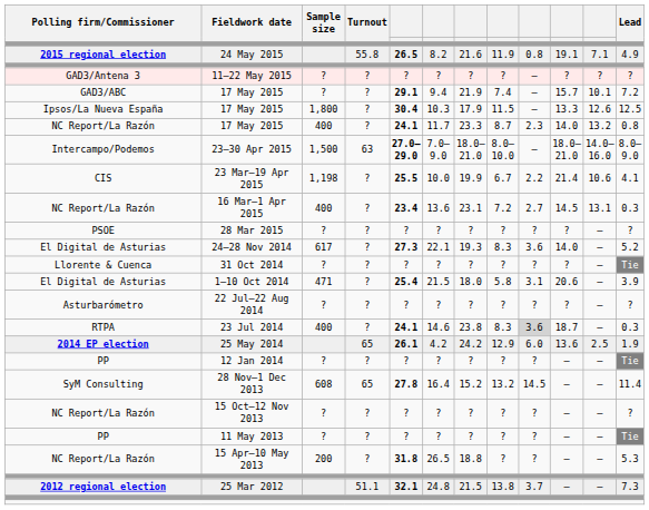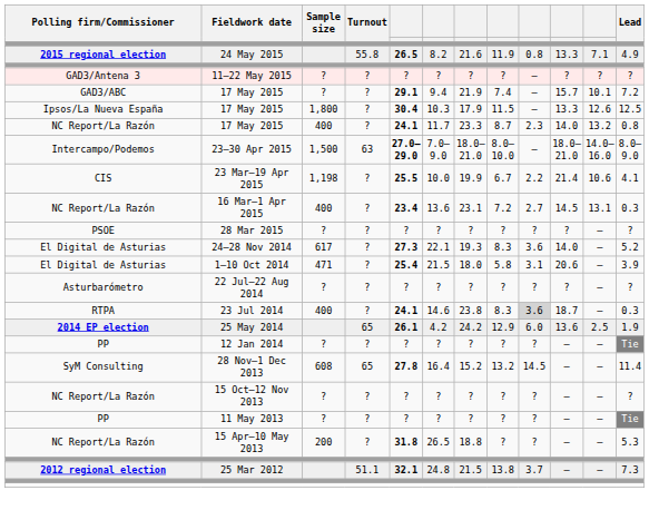 <table class="wikitable collapsible collapsed" style="text-align:center; font-size:95%; line-height:16px;">
 <tr style="height:42px;">
 <th style="width:250px;" rowspan="2">Polling firm/Commissioner</th>
 <th style="width:125px;" rowspan="2">Fieldwork date</th>
 <th style="width:50px;" rowspan="2">Sample size</th>
 <th style="width:45px;" rowspan="2">Turnout</th>
 <th style="width:35px;"></th>
 <th style="width:35px;"></th>
 <th style="width:35px;"></th>
 <th style="width:35px;"></th>
 <th style="width:35px;"></th>
 <th style="width:35px;"></th>
 <th style="width:35px;"></th>
 <th style="width:30px;" rowspan="2">Lead</th>
 </tr>
 <tr>
 <th style="color:inherit;background:"></th>
 <th style="color:inherit;background:"></th>
 <th style="color:inherit;background:"></th>
 <th style="color:inherit;background:"></th>
 <th style="color:inherit;background:"></th>
 <th style="color:inherit;background:"></th>
 <th style="color:inherit;background:"></th>
 </tr>
 <tr>
 <td colspan="12" style="background:#A0A0A0"></td>
 </tr>
 <tr style="background:#EFEFEF;">
 <td><strong><a href='#'>2015 regional election</a></strong></td>
 <td>24 May 2015</td>
 <td></td>
 <td>55.8</td>
 <td><strong>26.5</strong><br></td>
 <td>8.2<br></td>
 <td>21.6<br></td>
 <td>11.9<br></td>
 <td>0.8<br></td>
-<td>19.1<br></td>
+<td>13.3<br></td>
 <td>7.1<br></td>
 <td style="background:">4.9</td>
 </tr>
 <tr>
 <td colspan="12" style="background:#A0A0A0"></td>
 </tr>
 <tr style="background:#FFEAEA;">
 <td>GAD3/Antena 3</td>
 <td>11–22 May 2015</td>
 <td>?</td>
 <td>?</td>
 <td>?<br></td>
 <td>?<br></td>
 <td>?<br></td>
 <td>?<br></td>
 <td>–</td>
 <td>?<br></td>
 <td>?<br></td>
 <td style="background:">?</td>
 </tr>
 <tr>
 <td>GAD3/ABC</td>
 <td>17 May 2015</td>
 <td>?</td>
 <td>?</td>
 <td><strong>29.1</strong><br></td>
 <td>9.4<br></td>
 <td>21.9<br></td>
 <td>7.4<br></td>
 <td>–</td>
 <td>15.7<br></td>
 <td>10.1<br></td>
 <td style="background:">7.2</td>
 </tr>
 <tr>
 <td>Ipsos/La Nueva España</td>
 <td>17 May 2015</td>
 <td>1,800</td>
 <td>?</td>
 <td><strong>30.4</strong><br></td>
 <td>10.3<br></td>
 <td>17.9<br></td>
 <td>11.5<br></td>
 <td>–</td>
 <td>13.3<br></td>
 <td>12.6<br></td>
 <td style="background:">12.5</td>
 </tr>
 <tr>
 <td>NC Report/La Razón</td>
 <td>17 May 2015</td>
 <td>400</td>
 <td>?</td>
 <td><strong>24.1</strong><br></td>
 <td>11.7<br></td>
 <td>23.3<br></td>
 <td>8.7<br></td>
 <td>2.3<br></td>
 <td>14.0<br></td>
 <td>13.2<br></td>
 <td style="background:">0.8</td>
 </tr>
 <tr>
 <td>Intercampo/Podemos</td>
 <td>23–30 Apr 2015</td>
 <td>1,500</td>
 <td>63</td>
 <td><strong>27.0–<br>29.0</strong><br></td>
 <td>7.0–<br>9.0<br></td>
 <td>18.0–<br>21.0<br></td>
 <td>8.0–<br>10.0<br></td>
 <td>–</td>
 <td>18.0–<br>21.0<br></td>
 <td>14.0–<br>16.0<br></td>
 <td style="background:">8.0–<br>9.0</td>
 </tr>
 <tr>
 <td>CIS</td>
 <td>23 Mar–19 Apr 2015</td>
 <td>1,198</td>
 <td>?</td>
 <td><strong>25.5</strong><br></td>
 <td>10.0<br></td>
 <td>19.9<br></td>
 <td>6.7<br></td>
 <td>2.2<br></td>
 <td>21.4<br></td>
 <td>10.6<br></td>
 <td style="background:">4.1</td>
 </tr>
 <tr>
 <td>NC Report/La Razón</td>
 <td>16 Mar–1 Apr 2015</td>
 <td>400</td>
 <td>?</td>
 <td><strong>23.4</strong><br></td>
 <td>13.6<br></td>
 <td>23.1<br></td>
 <td>7.2<br></td>
 <td>2.7<br></td>
 <td>14.5<br></td>
 <td>13.1<br></td>
 <td style="background:">0.3</td>
 </tr>
 <tr>
 <td>PSOE</td>
 <td>28 Mar 2015</td>
 <td>?</td>
 <td>?</td>
 <td>?<br></td>
 <td>?<br></td>
 <td>?<br></td>
 <td>?<br></td>
 <td>?<br></td>
 <td>?<br></td>
 <td>–</td>
 <td style="background:">?</td>
 </tr>
 <tr>
 <td>El Digital de Asturias</td>
 <td>24–28 Nov 2014</td>
 <td>617</td>
 <td>?</td>
 <td><strong>27.3</strong></td>
 <td>22.1</td>
 <td>19.3</td>
 <td>8.3</td>
 <td>3.6</td>
 <td>14.0</td>
 <td>–</td>
 <td style="background:">5.2</td>
-</tr>
-<tr>
-<td>Llorente & Cuenca</td>
-<td>31 Oct 2014</td>
-<td>?</td>
-<td>?</td>
-<td>?<br></td>
-<td>?<br></td>
-<td>?<br></td>
-<td>?<br></td>
-<td>?<br></td>
-<td>?<br></td>
-<td>–</td>
-<td style="background:gray; color:white;">Tie</td>
 </tr>
 <tr>
 <td>El Digital de Asturias</td>
 <td>1–10 Oct 2014</td>
 <td>471</td>
 <td>?</td>
 <td><strong>25.4</strong></td>
 <td>21.5</td>
 <td>18.0</td>
 <td>5.8</td>
 <td>3.1</td>
 <td>20.6</td>
 <td>–</td>
 <td style="background:">3.9</td>
 </tr>
 <tr>
 <td>Asturbarómetro</td>
 <td>22 Jul–22 Aug 2014</td>
 <td>?</td>
 <td>?</td>
 <td>?<br></td>
 <td>?<br></td>
 <td>?<br></td>
 <td>?<br></td>
 <td>?<br></td>
 <td>?<br></td>
 <td>–</td>
 <td style="background:">?</td>
 </tr>
 <tr>
 <td>RTPA</td>
 <td>23 Jul 2014</td>
 <td>400</td>
 <td>?</td>
 <td><strong>24.1</strong></td>
 <td>14.6</td>
 <td>23.8</td>
 <td>8.3</td>
 <td style="background: lightgrey;">3.6</td>
 <td>18.7</td>
 <td>–</td>
 <td style="background:">0.3</td>
 </tr>
 <tr style="background:#EFEFEF;">
 <td><strong><a href='#'>2014 EP election</a></strong></td>
 <td>25 May 2014</td>
 <td></td>
 <td>65</td>
 <td><strong>26.1</strong><br></td>
 <td>4.2<br></td>
 <td>24.2<br></td>
 <td>12.9<br></td>
 <td>6.0<br></td>
 <td>13.6<br></td>
 <td>2.5<br></td>
 <td style="background:">1.9</td>
 </tr>
 <tr>
 <td>PP</td>
 <td>12 Jan 2014</td>
 <td>?</td>
 <td>?</td>
 <td>?<br></td>
 <td>?<br></td>
 <td>?<br></td>
 <td>?<br></td>
 <td>?<br></td>
 <td>–</td>
 <td>–</td>
 <td style="background:gray; color:white;">Tie</td>
 </tr>
 <tr>
 <td>SyM Consulting</td>
 <td>28 Nov–1 Dec 2013</td>
 <td>608</td>
 <td>65</td>
 <td><strong>27.8</strong><br></td>
 <td>16.4<br></td>
 <td>15.2<br></td>
 <td>13.2<br></td>
 <td>14.5<br></td>
 <td>–</td>
 <td>–</td>
 <td style="background:">11.4</td>
 </tr>
 <tr>
 <td>NC Report/La Razón</td>
 <td>15 Oct–12 Nov 2013</td>
 <td>?</td>
 <td>?</td>
 <td>?<br></td>
 <td>?<br></td>
 <td>?<br></td>
 <td>?<br></td>
 <td>?<br></td>
 <td>–</td>
 <td>–</td>
 <td style="background:">?</td>
 </tr>
 <tr>
 <td>PP</td>
 <td>11 May 2013</td>
 <td>?</td>
 <td>?</td>
 <td>?<br></td>
 <td>?<br></td>
 <td>?<br></td>
 <td>?<br></td>
 <td>?<br></td>
 <td>–</td>
 <td>–</td>
 <td style="background:gray; color:white;">Tie</td>
 </tr>
 <tr>
 <td>NC Report/La Razón</td>
 <td>15 Apr–10 May 2013</td>
 <td>200</td>
 <td>?</td>
 <td><strong>31.8</strong><br></td>
 <td>26.5<br></td>
 <td>18.8<br></td>
 <td>?<br></td>
 <td>?<br></td>
 <td>–</td>
 <td>–</td>
 <td style="background:">5.3</td>
 </tr>
 <tr>
 <td colspan="12" style="background:#A0A0A0"></td>
 </tr>
 <tr style="background:#EFEFEF;">
 <td><strong><a href='#'>2012 regional election</a></strong></td>
 <td>25 Mar 2012</td>
 <td></td>
 <td>51.1</td>
 <td><strong>32.1</strong><br></td>
 <td>24.8<br></td>
 <td>21.5<br></td>
 <td>13.8<br></td>
 <td>3.7<br></td>
 <td>–</td>
 <td>–</td>
 <td style="background:">7.3</td>
 </tr>
 <tr>
 <td colspan="12" style="background:#A0A0A0"></td>
 </tr>
 <tr>
 <td colspan="12"></td>
 </tr>
 </table>
